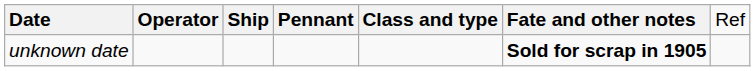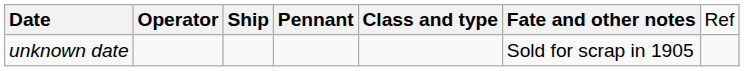 <table class="wikitable nowraplinks">
 <tr>
 <th style="text-align: left;">Date</th>
 <th style="text-align: left;">Operator</th>
 <th style="text-align: left;">Ship</th>
 <th style="text-align: left;">Pennant</th>
 <th style="text-align: left;">Class and type</th>
 <th style="text-align: left;">Fate and other notes</th>
 <td !style="text-align: left;">Ref</td>
 </tr>
 <tr ---->
 <td><em>unknown date</em></td>
 <td></td>
 <td><strong></strong></td>
 <td></td>
 <td></td>
-<td><strong>Sold for scrap in 1905</strong></td>
+<td>Sold for scrap in 1905</td>
 <td></td>
 </tr>
 </table>
